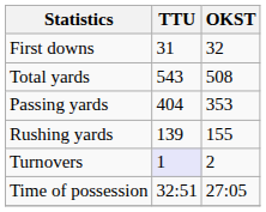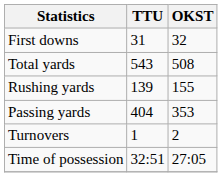 <table class="wikitable" style="float: left;">
 <tr>
 <th>Statistics</th>
 <th>TTU</th>
 <th>OKST</th>
 </tr>
 <tr>
 <td>First downs</td>
 <td>31</td>
 <td>32</td>
 </tr>
 <tr>
 <td>Total yards</td>
 <td>543</td>
 <td>508</td>
 </tr>
 <tr>
+<td>Rushing yards</td>
+<td>139</td>
+<td>155</td>
+</tr>
+<tr>
 <td>Passing yards</td>
 <td>404</td>
 <td>353</td>
 </tr>
 <tr>
-<td>Rushing yards</td>
-<td>139</td>
-<td>155</td>
-</tr>
-<tr>
 <td>Turnovers</td>
-<td style="background: lavender;">1</td>
+<td>1</td>
 <td>2</td>
 </tr>
 <tr>
 <td>Time of possession</td>
 <td>32:51</td>
 <td>27:05</td>
 </tr>
 <tr>
 </tr>
 </table>
